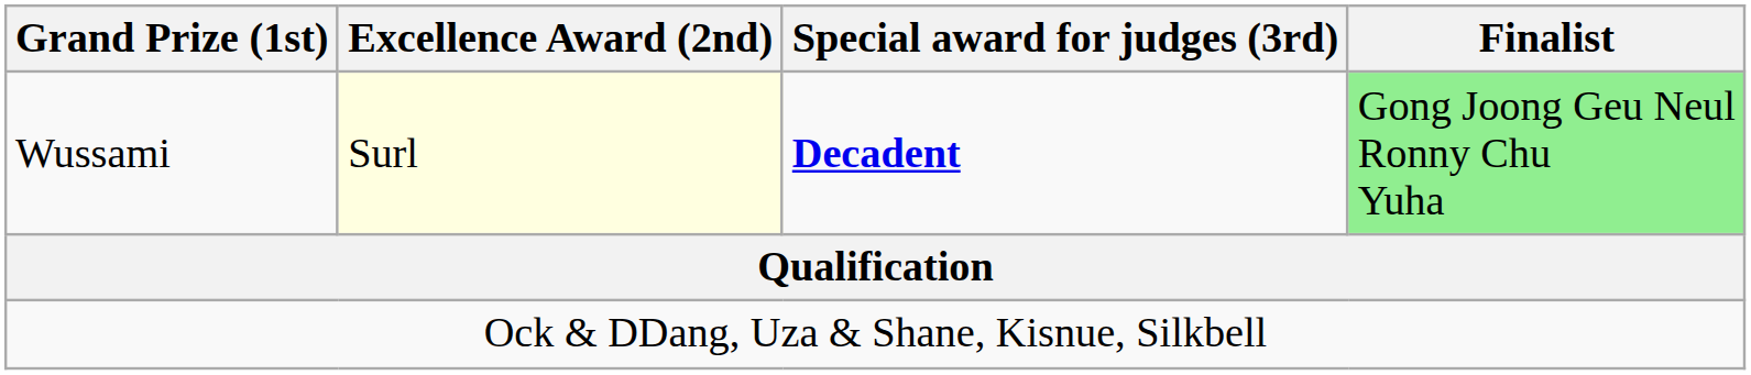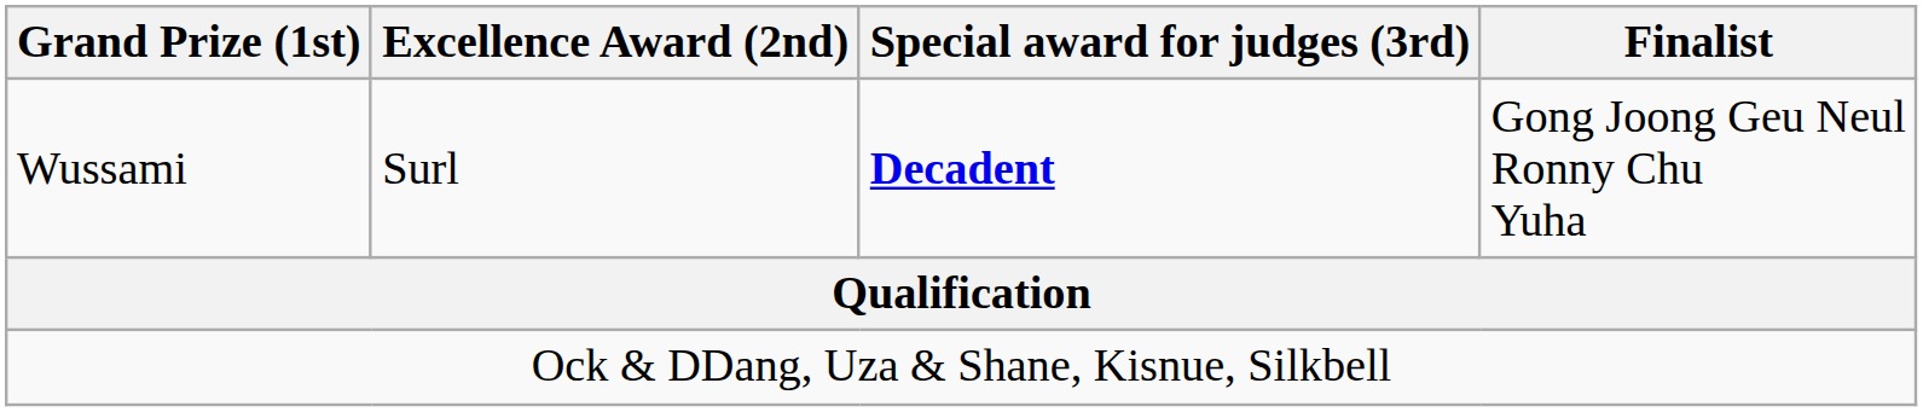 <table class="wikitable">
 <tr>
 <th scope="col">Grand Prize (1st)</th>
 <th scope="col">Excellence Award (2nd)</th>
 <th scope="col">Special award for judges (3rd)</th>
 <th scope="col">Finalist</th>
 </tr>
 <tr>
 <td scope="row">Wussami</td>
-<td scope="row" style="background: lightyellow;">Surl</td>
+<td scope="row">Surl</td>
 <td scope="row"><strong><a href='#'>Decadent</a></strong></td>
-<td scope="row" style="background: lightgreen;">Gong Joong Geu Neul<br> Ronny Chu<br>Yuha</td>
+<td scope="row">Gong Joong Geu Neul<br> Ronny Chu<br>Yuha</td>
 </tr>
 <tr>
 <th colspan="4" align="center">Qualification</th>
 </tr>
 <tr>
 <td colspan="4" align="center">Ock & DDang, Uza & Shane, Kisnue, Silkbell</td>
 </tr>
 </table>
